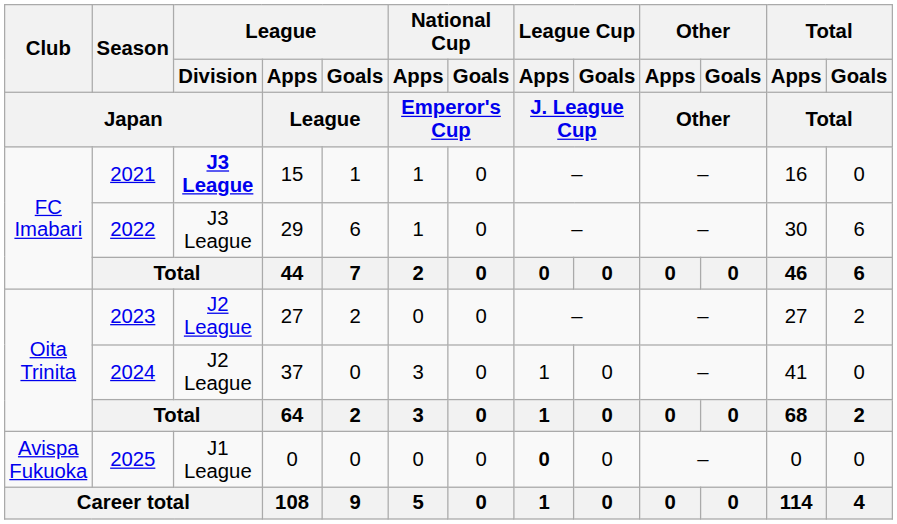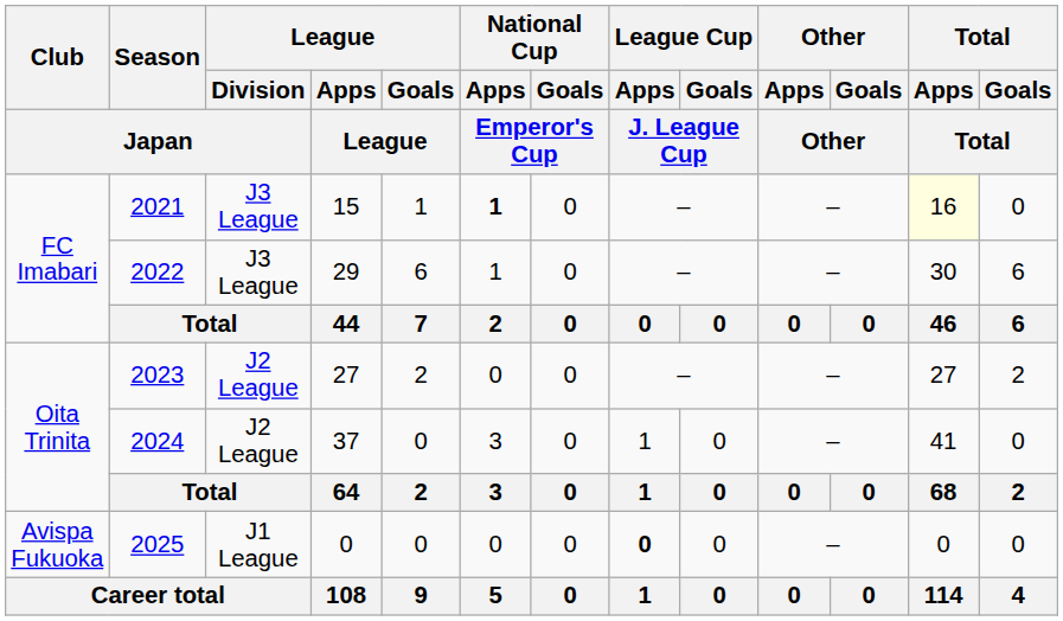 <table class="wikitable" style="text-align:center">
 <tr>
 <th rowspan=2>Club</th>
 <th rowspan=2>Season</th>
 <th colspan=3>League</th>
 <th colspan=2>National Cup</th>
 <th colspan=2>League Cup</th>
 <th colspan=2>Other</th>
 <th colspan=2>Total</th>
 </tr>
 <tr>
 <th>Division</th>
 <th>Apps</th>
 <th>Goals</th>
 <th>Apps</th>
 <th>Goals</th>
 <th>Apps</th>
 <th>Goals</th>
 <th>Apps</th>
 <th>Goals</th>
 <th>Apps</th>
 <th>Goals</th>
 </tr>
 <tr>
 <th colspan=3>Japan</th>
 <th colspan=2>League</th>
 <th colspan=2><a href='#'>Emperor's Cup</a></th>
 <th colspan=2><a href='#'>J. League Cup</a></th>
 <th colspan=2>Other</th>
 <th colspan=2>Total</th>
 </tr>
 <tr>
 <td rowspan="3"><a href='#'>FC Imabari</a></td>
 <td><a href='#'>2021</a></td>
-<td><strong><a href='#'>J3 League</a></strong></td>
+<td><a href='#'>J3 League</a></td>
 <td>15</td>
 <td>1</td>
-<td>1</td>
+<td><strong>1</strong></td>
 <td>0</td>
 <td colspan="2">–</td>
 <td colspan="2">–</td>
-<td>16</td>
+<td style="background: lightyellow;">16</td>
 <td>0</td>
 </tr>
 <tr>
 <td><a href='#'>2022</a></td>
 <td>J3 League</td>
 <td>29</td>
 <td>6</td>
 <td>1</td>
 <td>0</td>
 <td colspan="2">–</td>
 <td colspan="2">–</td>
 <td>30</td>
 <td>6</td>
 </tr>
 <tr>
 <th colspan="2">Total</th>
 <th>44</th>
 <th>7</th>
 <th>2</th>
 <th>0</th>
 <th>0</th>
 <th>0</th>
 <th>0</th>
 <th>0</th>
 <th>46</th>
 <th>6</th>
 </tr>
 <tr>
 <td rowspan="3"><a href='#'>Oita Trinita</a></td>
 <td><a href='#'>2023</a></td>
 <td><a href='#'>J2 League</a></td>
 <td>27</td>
 <td>2</td>
 <td>0</td>
 <td>0</td>
 <td colspan="2">–</td>
 <td colspan="2">–</td>
 <td>27</td>
 <td>2</td>
 </tr>
 <tr>
 <td><a href='#'>2024</a></td>
 <td>J2 League</td>
 <td>37</td>
 <td>0</td>
 <td>3</td>
 <td>0</td>
 <td>1</td>
 <td>0</td>
 <td colspan="2">–</td>
 <td>41</td>
 <td>0</td>
 </tr>
 <tr>
 <th colspan="2">Total</th>
 <th>64</th>
 <th>2</th>
 <th>3</th>
 <th>0</th>
 <th>1</th>
 <th>0</th>
 <th>0</th>
 <th>0</th>
 <th>68</th>
 <th>2</th>
 </tr>
 <tr>
 <td><a href='#'>Avispa Fukuoka</a></td>
 <td><a href='#'>2025</a></td>
 <td>J1 League</td>
 <td>0</td>
 <td>0</td>
 <td>0</td>
 <td>0</td>
 <td><strong>0</strong></td>
 <td>0</td>
 <td colspan="2">–</td>
 <td>0</td>
 <td>0</td>
 </tr>
 <tr>
 <th colspan=3>Career total</th>
 <th>108</th>
 <th>9</th>
 <th>5</th>
 <th>0</th>
 <th>1</th>
 <th>0</th>
 <th>0</th>
 <th>0</th>
 <th>114</th>
 <th>4</th>
 </tr>
 </table>
